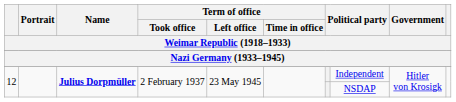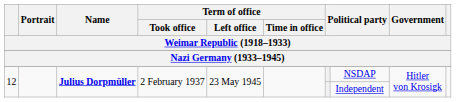 <table class="wikitable" style="text-align:center">
 <tr>
 <th rowspan="2"></th>
 <th rowspan="2">Portrait</th>
 <th rowspan="2">Name<br></th>
 <th colspan="3">Term of office</th>
 <th colspan="2" rowspan="2">Political party</th>
 <th rowspan="2">Government</th>
 <th rowspan="2"></th>
 </tr>
 <tr>
 <th>Took office</th>
 <th>Left office</th>
 <th>Time in office</th>
 </tr>
 <tr>
 <th colspan="10"><a href='#'>Weimar Republic</a> (1918–1933)</th>
 </tr>
 <tr>
 </tr>
 <tr>
 <th colspan="10"><a href='#'>Nazi Germany</a> (1933–1945)</th>
 </tr>
 <tr>
 </tr>
 <tr>
 <td rowspan=2>12</td>
 <td rowspan=2></td>
 <td rowspan=2><strong><a href='#'>Julius Dorpmüller</a></strong><br></td>
 <td rowspan=2>2 February 1937</td>
 <td rowspan=2>23 May 1945</td>
 <td rowspan=2></td>
 <th style="background:"></th>
-<td><a href='#'>Independent</a></td>
+<td><a href='#'>NSDAP</a></td>
 <td rowspan=2><a href='#'>Hitler</a><br><a href='#'>von Krosigk</a></td>
 <td rowspan=2></td>
 </tr>
 <tr>
 <th style="background:"></th>
-<td><a href='#'>NSDAP</a></td>
+<td><a href='#'>Independent</a></td>
 </tr>
 </table>
